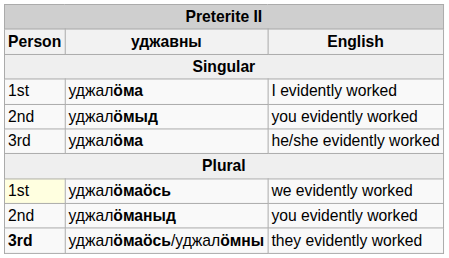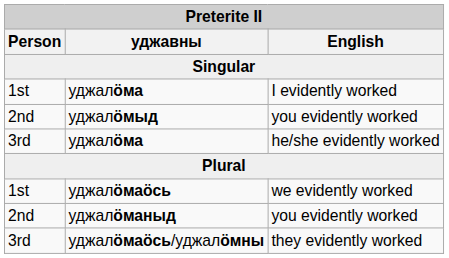 <table class="wikitable">
 <tr>
 <th colspan="5" style="background:#cfcfcf;">Preterite II</th>
 </tr>
 <tr style="background:#dfdfdf;" |>
 <th>Person</th>
 <th>уджавны</th>
 <th>English</th>
 </tr>
 <tr>
 <th colspan="5" style="background:#efefef">Singular</th>
 </tr>
 <tr>
 <td>1st</td>
 <td>уджал<strong>ӧма</strong></td>
 <td>I evidently worked</td>
 </tr>
 <tr>
 <td>2nd</td>
 <td>уджал<strong>ӧмыд</strong></td>
 <td>you evidently worked</td>
 </tr>
 <tr>
 <td>3rd</td>
 <td>уджал<strong>ӧма</strong></td>
 <td>he/she evidently worked</td>
 </tr>
 <tr>
 <th colspan="5" style="background:#efefef">Plural</th>
 </tr>
 <tr>
-<td style="background: lightyellow;">1st</td>
+<td>1st</td>
 <td>уджал<strong>ӧмаӧсь</strong></td>
 <td>we evidently worked</td>
 </tr>
 <tr>
 <td>2nd</td>
 <td>уджал<strong>ӧманыд</strong></td>
 <td>you evidently worked</td>
 </tr>
 <tr>
-<td><strong>3rd</strong></td>
+<td>3rd</td>
 <td>уджал<strong>ӧмаӧсь</strong>/уджал<strong>ӧмны</strong></td>
 <td>they evidently worked</td>
 </tr>
 </table>
